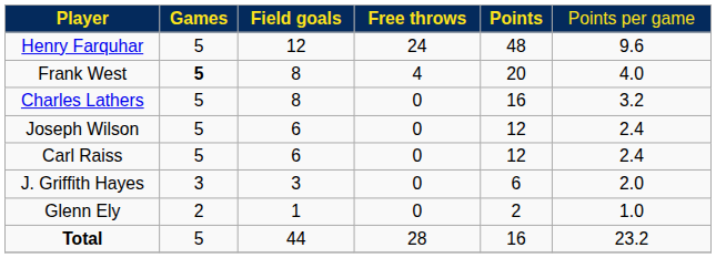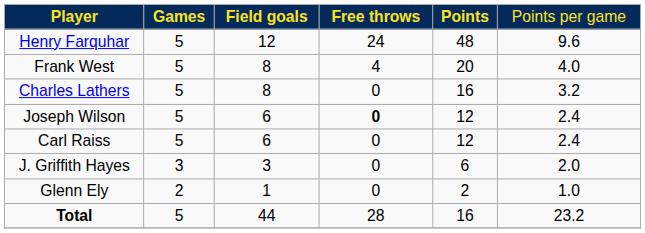 <table class="wikitable" width="650">
 <tr align="center"  style="background:#042A5C; color:#FCE21C;">
 <td><strong>Player</strong></td>
 <td><strong>Games</strong></td>
 <td><strong>Field goals</strong></td>
 <td><strong>Free throws</strong></td>
 <td><strong>Points</strong></td>
 <td>Points per game</td>
 </tr>
 <tr align="center" bgcolor="">
 <td><a href='#'>Henry Farquhar</a></td>
 <td>5</td>
 <td>12</td>
 <td>24</td>
 <td>48</td>
 <td>9.6</td>
 </tr>
 <tr align="center" bgcolor="">
 <td>Frank West</td>
-<td><strong>5</strong></td>
+<td>5</td>
 <td>8</td>
 <td>4</td>
 <td>20</td>
 <td>4.0</td>
 </tr>
 <tr align="center" bgcolor="">
 <td><a href='#'>Charles Lathers</a></td>
 <td>5</td>
 <td>8</td>
 <td>0</td>
 <td>16</td>
 <td>3.2</td>
 </tr>
 <tr align="center" bgcolor="">
 <td>Joseph Wilson</td>
 <td>5</td>
 <td>6</td>
-<td>0</td>
+<td><strong>0</strong></td>
 <td>12</td>
 <td>2.4</td>
 </tr>
 <tr align="center" bgcolor="">
 <td>Carl Raiss</td>
 <td>5</td>
 <td>6</td>
 <td>0</td>
 <td>12</td>
 <td>2.4</td>
 </tr>
 <tr align="center" bgcolor="">
 <td>J. Griffith Hayes</td>
 <td>3</td>
 <td>3</td>
 <td>0</td>
 <td>6</td>
 <td>2.0</td>
 </tr>
 <tr align="center" bgcolor="">
 <td>Glenn Ely</td>
 <td>2</td>
 <td>1</td>
 <td>0</td>
 <td>2</td>
 <td>1.0</td>
 </tr>
 <tr align="center" bgcolor="">
 <td><strong>Total</strong></td>
 <td>5</td>
 <td>44</td>
 <td>28</td>
 <td>16</td>
 <td>23.2</td>
 </tr>
 <tr align="center" bgcolor="">
 </tr>
 </table>
